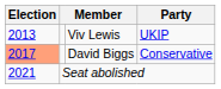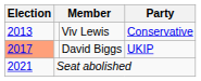 <table class="wikitable">
 <tr>
 <th>Election</th>
 <th colspan="2">Member</th>
 <th>Party</th>
 </tr>
 <tr>
 <td><a href='#'>2013</a></td>
 <td rowspan="1" style="background-color: "></td>
 <td rowspan="1">Viv Lewis</td>
-<td rowspan="1"><a href='#'>UKIP</a></td>
+<td rowspan="1"><a href='#'>Conservative</a></td>
 </tr>
 <tr>
 <td style="background: lightsalmon;"><a href='#'>2017</a></td>
 <td rowspan="1" style="background-color: "></td>
 <td rowspan="1">David Biggs</td>
-<td rowspan="1"><a href='#'>Conservative</a></td>
+<td rowspan="1"><a href='#'>UKIP</a></td>
 </tr>
 <tr>
 <td><a href='#'>2021</a></td>
 <td colspan="3"><em>Seat abolished</em></td>
 </tr>
 </table>
